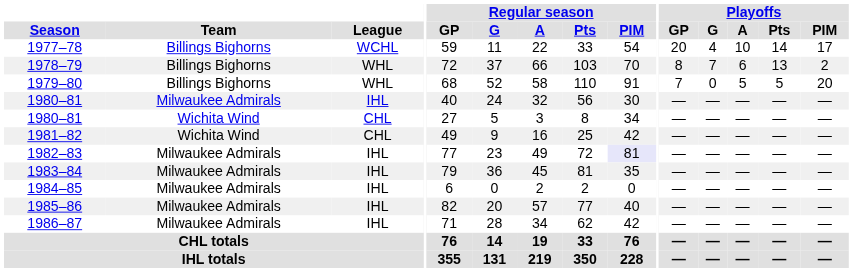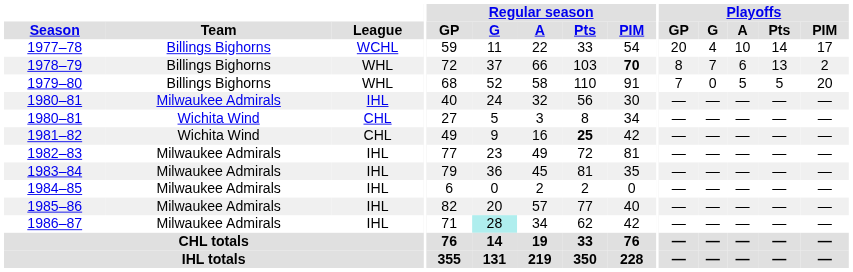 <table border="0" cellpadding="1" cellspacing="0" style="text-align:center; width:60em">
 <tr bgcolor="#e0e0e0">
 <th colspan="3" bgcolor="#ffffff"></th>
 <th rowspan="99" bgcolor="#ffffff"></th>
 <th colspan="5"><a href='#'>Regular season</a></th>
 <th rowspan="99" bgcolor="#ffffff"></th>
 <th colspan="5"><a href='#'>Playoffs</a></th>
 </tr>
 <tr bgcolor="#e0e0e0">
 <th><a href='#'>Season</a></th>
 <th>Team</th>
 <th>League</th>
 <th>GP</th>
 <th><a href='#'>G</a></th>
 <th><a href='#'>A</a></th>
 <th><a href='#'>Pts</a></th>
 <th><a href='#'>PIM</a></th>
 <th>GP</th>
 <th>G</th>
 <th>A</th>
 <th>Pts</th>
 <th>PIM</th>
 </tr>
 <tr>
 <td><a href='#'>1977–78</a></td>
 <td><a href='#'>Billings Bighorns</a></td>
 <td><a href='#'>WCHL</a></td>
 <td>59</td>
 <td>11</td>
 <td>22</td>
 <td>33</td>
 <td>54</td>
 <td>20</td>
 <td>4</td>
 <td>10</td>
 <td>14</td>
 <td>17</td>
 </tr>
 <tr bgcolor="#f0f0f0">
 <td><a href='#'>1978–79</a></td>
 <td>Billings Bighorns</td>
 <td>WHL</td>
 <td>72</td>
 <td>37</td>
 <td>66</td>
 <td>103</td>
-<td>70</td>
+<td><strong>70</strong></td>
 <td>8</td>
 <td>7</td>
 <td>6</td>
 <td>13</td>
 <td>2</td>
 </tr>
 <tr>
 <td><a href='#'>1979–80</a></td>
 <td>Billings Bighorns</td>
 <td>WHL</td>
 <td>68</td>
 <td>52</td>
 <td>58</td>
 <td>110</td>
 <td>91</td>
 <td>7</td>
 <td>0</td>
 <td>5</td>
 <td>5</td>
 <td>20</td>
 </tr>
 <tr bgcolor="#f0f0f0">
 <td><a href='#'>1980–81</a></td>
 <td><a href='#'>Milwaukee Admirals</a></td>
 <td><a href='#'>IHL</a></td>
 <td>40</td>
 <td>24</td>
 <td>32</td>
 <td>56</td>
 <td>30</td>
 <td>—</td>
 <td>—</td>
 <td>—</td>
 <td>—</td>
 <td>—</td>
 </tr>
 <tr>
 <td><a href='#'>1980–81</a></td>
 <td><a href='#'>Wichita Wind</a></td>
 <td><a href='#'>CHL</a></td>
 <td>27</td>
 <td>5</td>
 <td>3</td>
 <td>8</td>
 <td>34</td>
 <td>—</td>
 <td>—</td>
 <td>—</td>
 <td>—</td>
 <td>—</td>
 </tr>
 <tr bgcolor="#f0f0f0">
 <td><a href='#'>1981–82</a></td>
 <td>Wichita Wind</td>
 <td>CHL</td>
 <td>49</td>
 <td>9</td>
 <td>16</td>
-<td>25</td>
+<td><strong>25</strong></td>
 <td>42</td>
 <td>—</td>
 <td>—</td>
 <td>—</td>
 <td>—</td>
 <td>—</td>
 </tr>
 <tr>
 <td><a href='#'>1982–83</a></td>
 <td>Milwaukee Admirals</td>
 <td>IHL</td>
 <td>77</td>
 <td>23</td>
 <td>49</td>
 <td>72</td>
-<td style="background: lavender;">81</td>
+<td>81</td>
 <td>—</td>
 <td>—</td>
 <td>—</td>
 <td>—</td>
 <td>—</td>
 </tr>
 <tr bgcolor="#f0f0f0">
 <td><a href='#'>1983–84</a></td>
 <td>Milwaukee Admirals</td>
 <td>IHL</td>
 <td>79</td>
 <td>36</td>
 <td>45</td>
 <td>81</td>
 <td>35</td>
 <td>—</td>
 <td>—</td>
 <td>—</td>
 <td>—</td>
 <td>—</td>
 </tr>
 <tr>
 <td><a href='#'>1984–85</a></td>
 <td>Milwaukee Admirals</td>
 <td>IHL</td>
 <td>6</td>
 <td>0</td>
 <td>2</td>
 <td>2</td>
 <td>0</td>
 <td>—</td>
 <td>—</td>
 <td>—</td>
 <td>—</td>
 <td>—</td>
 </tr>
 <tr bgcolor="#f0f0f0">
 <td><a href='#'>1985–86</a></td>
 <td>Milwaukee Admirals</td>
 <td>IHL</td>
 <td>82</td>
 <td>20</td>
 <td>57</td>
 <td>77</td>
 <td>40</td>
 <td>—</td>
 <td>—</td>
 <td>—</td>
 <td>—</td>
 <td>—</td>
 </tr>
 <tr>
 <td><a href='#'>1986–87</a></td>
 <td>Milwaukee Admirals</td>
 <td>IHL</td>
 <td>71</td>
-<td>28</td>
+<td style="background: paleturquoise;">28</td>
 <td>34</td>
 <td>62</td>
 <td>42</td>
 <td>—</td>
 <td>—</td>
 <td>—</td>
 <td>—</td>
 <td>—</td>
 </tr>
 <tr>
 </tr>
 <tr ALIGN="center" bgcolor="#e0e0e0">
 <th colspan="3">CHL totals</th>
 <th ALIGN="center">76</th>
 <th ALIGN="center">14</th>
 <th ALIGN="center">19</th>
 <th ALIGN="center">33</th>
 <th ALIGN="center">76</th>
 <th ALIGN="center">—</th>
 <th ALIGN="center">—</th>
 <th ALIGN="center">—</th>
 <th ALIGN="center">—</th>
 <th ALIGN="center">—</th>
 </tr>
 <tr>
 </tr>
 <tr ALIGN="center" bgcolor="#e0e0e0">
 <th colspan="3">IHL totals</th>
 <th ALIGN="center">355</th>
 <th ALIGN="center">131</th>
 <th ALIGN="center">219</th>
 <th ALIGN="center">350</th>
 <th ALIGN="center">228</th>
 <th ALIGN="center">—</th>
 <th ALIGN="center">—</th>
 <th ALIGN="center">—</th>
 <th ALIGN="center">—</th>
 <th ALIGN="center">—</th>
 </tr>
 </table>
